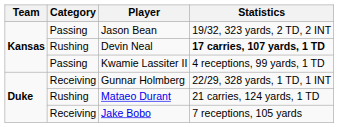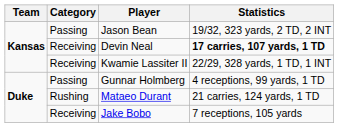 <table class="wikitable" style="float: right;">
 <tr>
 <th>Team</th>
 <th>Category</th>
 <th>Player</th>
 <th>Statistics</th>
 </tr>
 <tr>
 <td rowspan=3><strong>Kansas</strong></td>
 <td>Passing</td>
 <td>Jason Bean</td>
 <td>19/32, 323 yards, 2 TD, 2 INT</td>
 </tr>
 <tr>
-<td>Rushing</td>
+<td>Receiving</td>
 <td>Devin Neal</td>
 <td><strong>17 carries, 107 yards, 1 TD</strong></td>
 </tr>
 <tr>
-<td>Passing</td>
+<td>Receiving</td>
 <td>Kwamie Lassiter II</td>
-<td>4 receptions, 99 yards, 1 TD</td>
+<td>22/29, 328 yards, 1 TD, 1 INT</td>
 </tr>
 <tr>
 <td rowspan=3><strong>Duke</strong></td>
-<td>Receiving</td>
+<td>Passing</td>
 <td>Gunnar Holmberg</td>
-<td>22/29, 328 yards, 1 TD, 1 INT</td>
+<td>4 receptions, 99 yards, 1 TD</td>
 </tr>
 <tr>
 <td>Rushing</td>
 <td><a href='#'>Mataeo Durant</a></td>
 <td>21 carries, 124 yards, 1 TD</td>
 </tr>
 <tr>
 <td>Receiving</td>
 <td><a href='#'>Jake Bobo</a></td>
 <td>7 receptions, 105 yards</td>
 </tr>
 </table>
